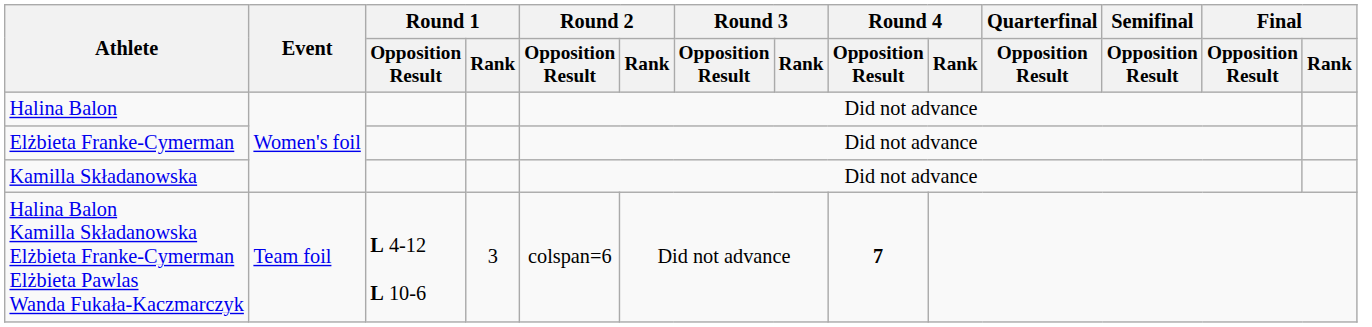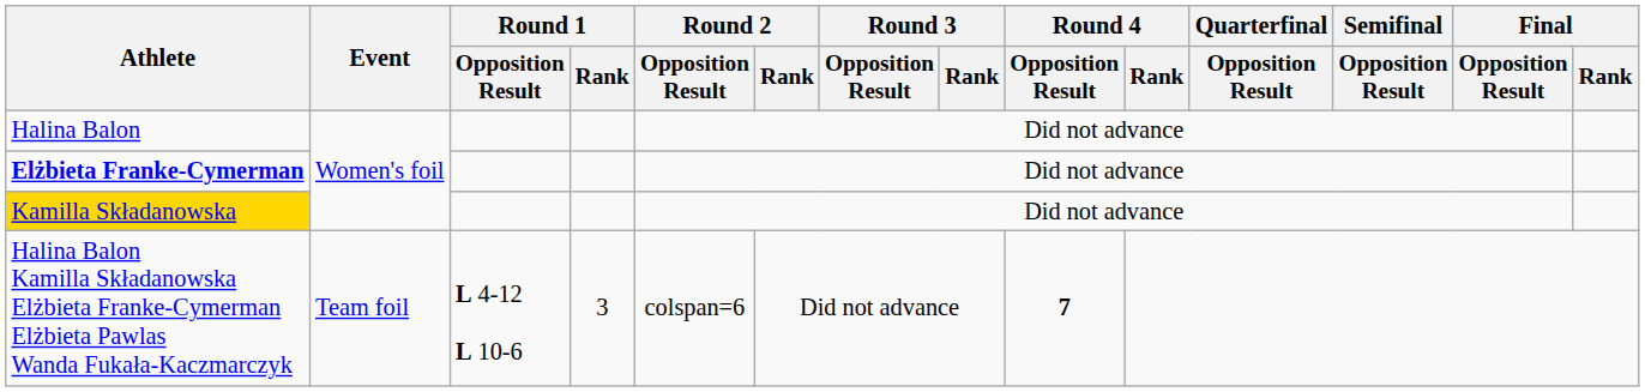 <table class="wikitable" style="font-size:90%;">
 <tr>
 <th rowspan="2">Athlete</th>
 <th rowspan="2">Event</th>
 <th colspan="2">Round 1</th>
 <th colspan="2">Round 2</th>
 <th colspan="2">Round 3</th>
 <th colspan="2">Round 4</th>
 <th colspan="1">Quarterfinal</th>
 <th colspan="1">Semifinal</th>
 <th colspan=2>Final</th>
 </tr>
 <tr style="font-size:95%">
 <th>Opposition<br>Result</th>
 <th>Rank</th>
 <th>Opposition<br>Result</th>
 <th>Rank</th>
 <th>Opposition<br>Result</th>
 <th>Rank</th>
 <th>Opposition<br>Result</th>
 <th>Rank</th>
 <th>Opposition<br>Result</th>
 <th>Opposition<br>Result</th>
 <th>Opposition<br>Result</th>
 <th>Rank</th>
 </tr>
 <tr align=center>
 <td align=left><a href='#'>Halina Balon</a></td>
 <td align=left rowspan=3><a href='#'>Women's foil</a></td>
 <td></td>
 <td></td>
 <td colspan=9>Did not advance</td>
 <td></td>
 </tr>
 <tr align=center>
-<td align=left><a href='#'>Elżbieta Franke-Cymerman</a></td>
+<td align=left><strong><a href='#'>Elżbieta Franke-Cymerman</a></strong></td>
 <td></td>
 <td></td>
 <td colspan=9>Did not advance</td>
 <td></td>
 </tr>
 <tr align=center>
-<td align=left><a href='#'>Kamilla Składanowska</a></td>
+<td align=left style="background: gold;"><a href='#'>Kamilla Składanowska</a></td>
 <td></td>
 <td></td>
 <td colspan=9>Did not advance</td>
 <td></td>
 </tr>
 <tr align=center>
 <td align=left><a href='#'>Halina Balon</a><br><a href='#'>Kamilla Składanowska</a><br><a href='#'>Elżbieta Franke-Cymerman</a><br><a href='#'>Elżbieta Pawlas</a><br><a href='#'>Wanda Fukała-Kaczmarczyk</a></td>
 <td align=left><a href='#'>Team foil</a></td>
 <td align=left><br> <strong>L</strong> 4-12<br><br> <strong>L</strong> 10-6</td>
 <td>3</td>
 <td>colspan=6 </td>
 <td colspan=3>Did not advance</td>
 <td><strong>7</strong></td>
 </tr>
 </table>
